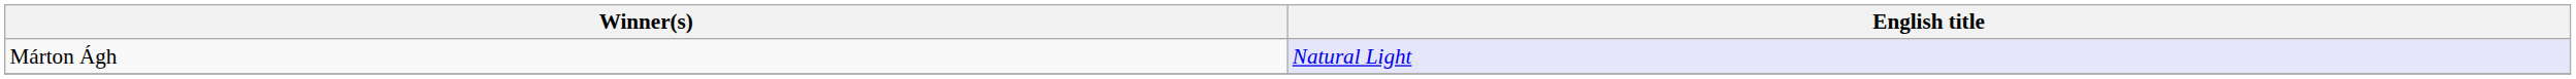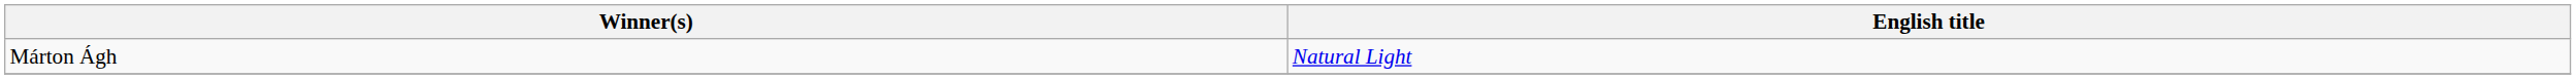 <table class="wikitable" width="95%" cellpadding="5">
 <tr>
 <th width="18%">Winner(s)</th>
 <th width="18%">English title</th>
 </tr>
 <tr>
 <td> Márton Ágh</td>
-<td style="background: lavender;"><em><a href='#'>Natural Light</a></em></td>
+<td><em><a href='#'>Natural Light</a></em></td>
 </tr>
 <tr>
 </tr>
 </table>
